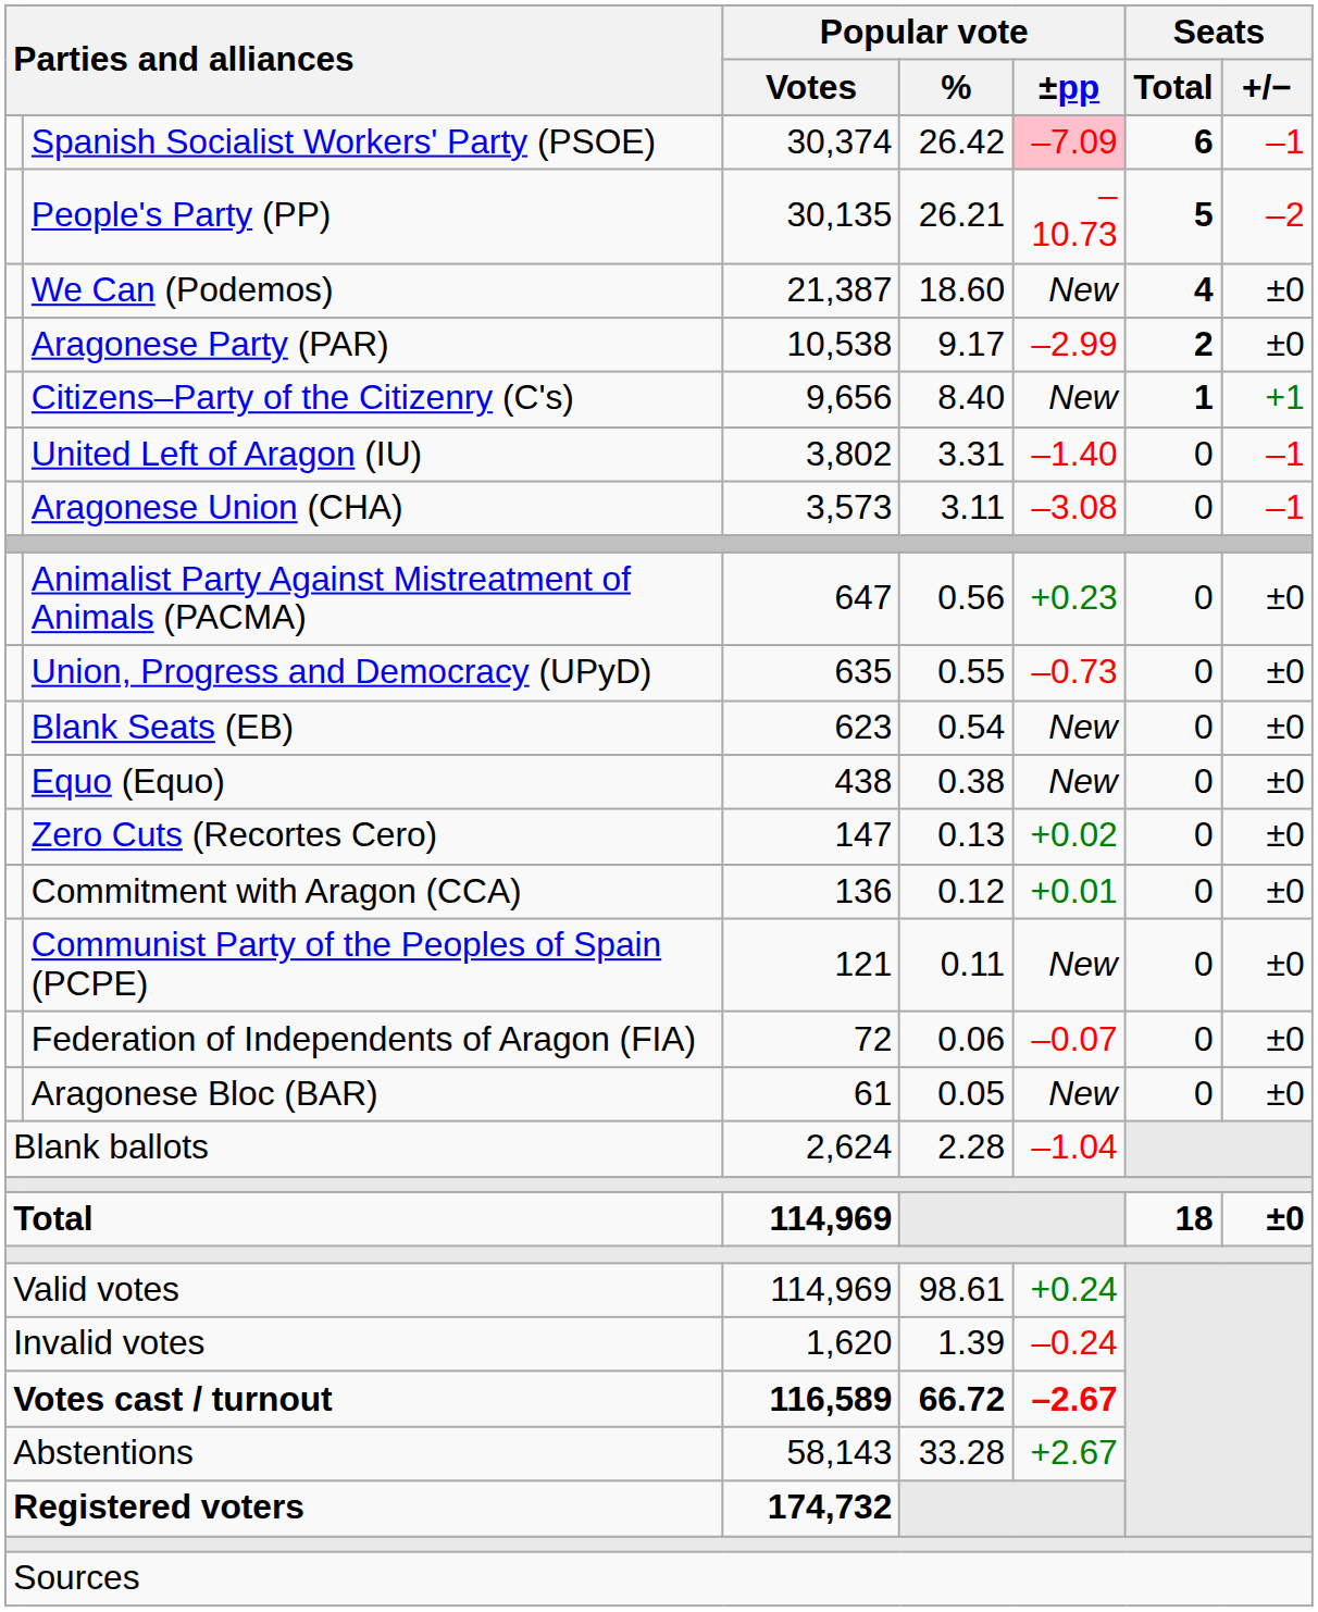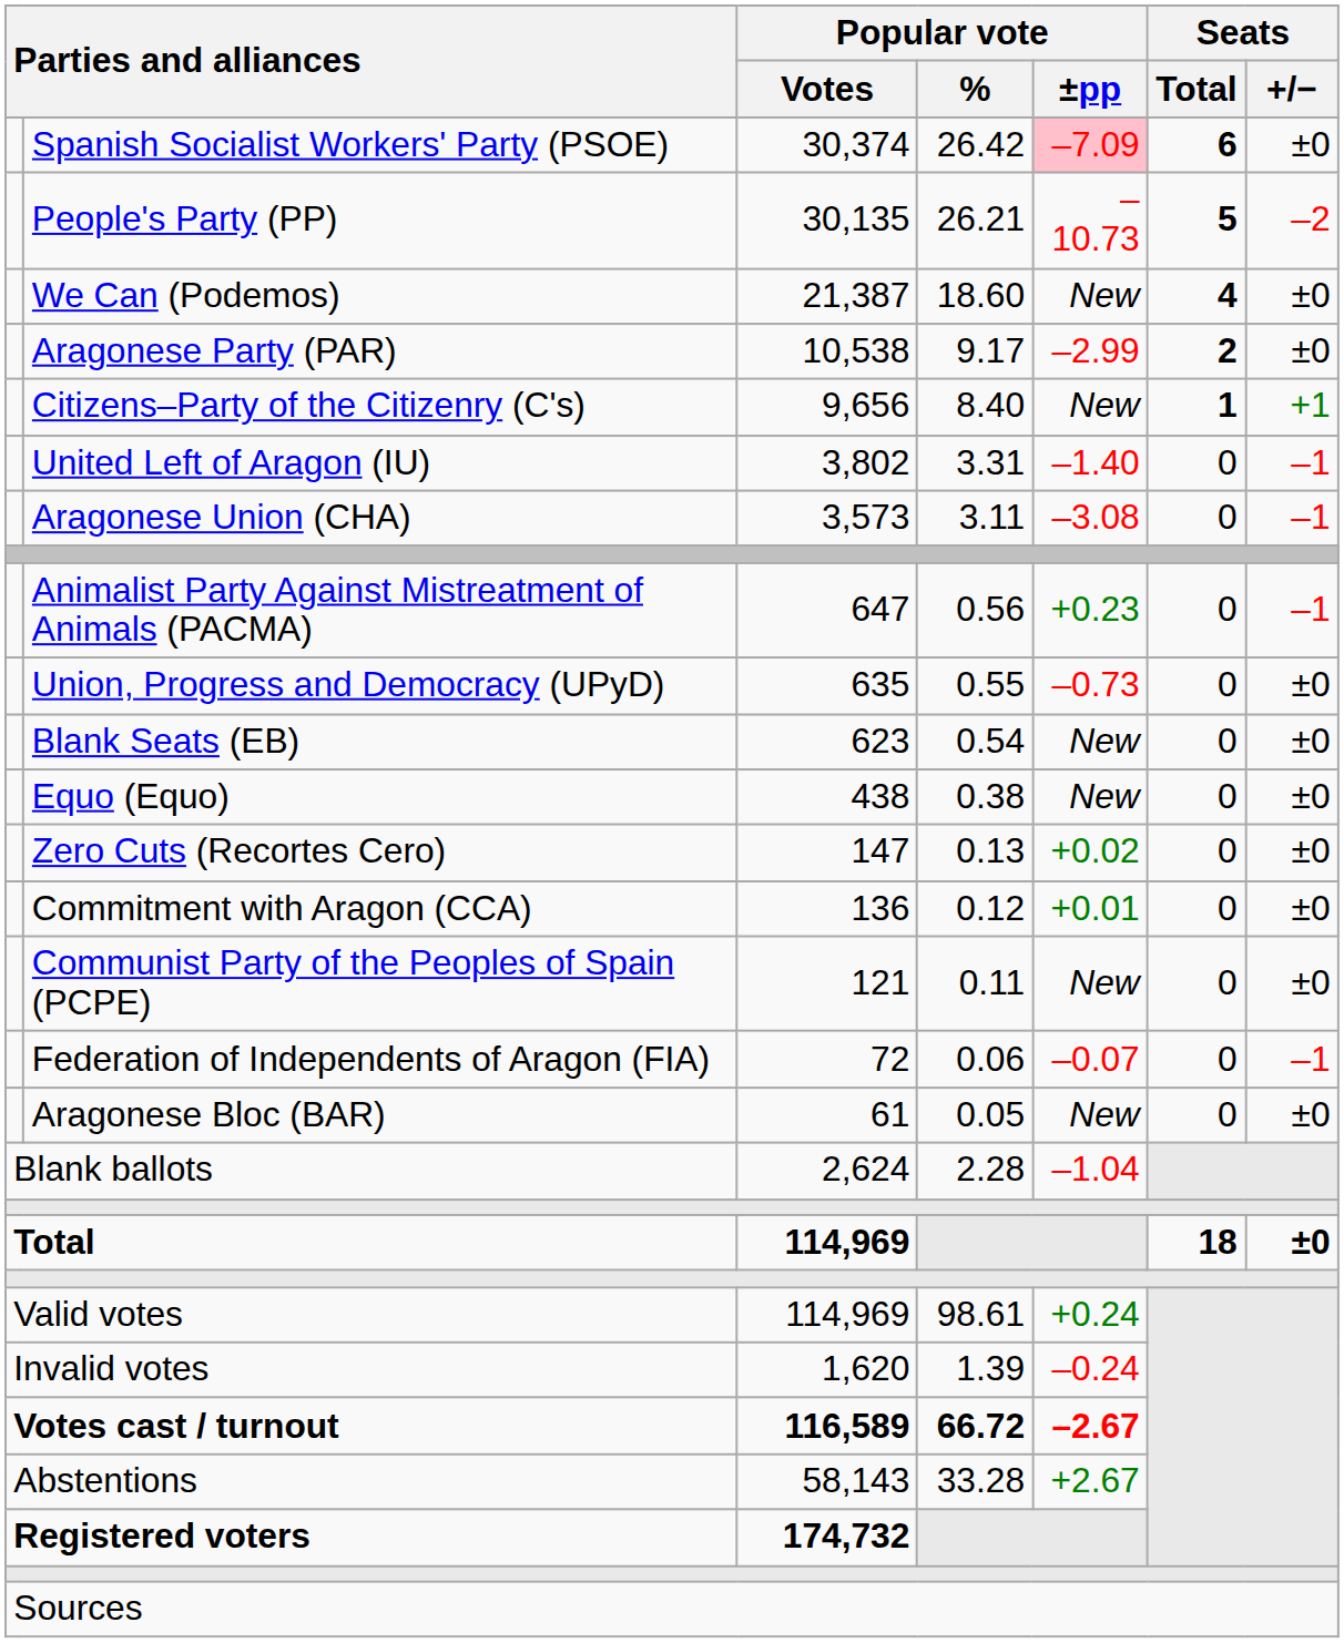 <table class="wikitable" style="text-align:right;">
 <tr>
 <th style="text-align:left;" rowspan="2" colspan="2" width="525">Parties and alliances</th>
 <th colspan="3">Popular vote</th>
 <th colspan="2">Seats</th>
 </tr>
 <tr>
 <th width="75">Votes</th>
 <th width="45">%</th>
 <th width="45">±<a href='#'>pp</a></th>
 <th width="35">Total</th>
 <th width="35">+/−</th>
 </tr>
 <tr>
 <td width="1" style="color:inherit;background:"></td>
 <td align="left"><a href='#'>Spanish Socialist Workers' Party</a> (PSOE)</td>
 <td>30,374</td>
 <td>26.42</td>
 <td style="background: pink; color:red;">–7.09</td>
 <td><strong>6</strong></td>
-<td style="color:red;">–1</td>
+<td>±0</td>
 </tr>
 <tr>
 <td style="color:inherit;background:"></td>
 <td align="left"><a href='#'>People's Party</a> (PP)</td>
 <td>30,135</td>
 <td>26.21</td>
 <td style="color:red;">–10.73</td>
 <td><strong>5</strong></td>
 <td style="color:red;">–2</td>
 </tr>
 <tr>
 <td style="color:inherit;background:"></td>
 <td align="left"><a href='#'>We Can</a> (Podemos)</td>
 <td>21,387</td>
 <td>18.60</td>
 <td><em>New</em></td>
 <td><strong>4</strong></td>
 <td>±0</td>
 </tr>
 <tr>
 <td style="color:inherit;background:"></td>
 <td align="left"><a href='#'>Aragonese Party</a> (PAR)</td>
 <td>10,538</td>
 <td>9.17</td>
 <td style="color:red;">–2.99</td>
 <td><strong>2</strong></td>
 <td>±0</td>
 </tr>
 <tr>
 <td style="color:inherit;background:"></td>
 <td align="left"><a href='#'>Citizens–Party of the Citizenry</a> (C's)</td>
 <td>9,656</td>
 <td>8.40</td>
 <td><em>New</em></td>
 <td><strong>1</strong></td>
 <td style="color:green;">+1</td>
 </tr>
 <tr>
 <td style="color:inherit;background:"></td>
 <td align="left"><a href='#'>United Left of Aragon</a> (IU)</td>
 <td>3,802</td>
 <td>3.31</td>
 <td style="color:red;">–1.40</td>
 <td>0</td>
 <td style="color:red;">–1</td>
 </tr>
 <tr>
 <td style="color:inherit;background:"></td>
 <td align="left"><a href='#'>Aragonese Union</a> (CHA)</td>
 <td>3,573</td>
 <td>3.11</td>
 <td style="color:red;">–3.08</td>
 <td>0</td>
 <td style="color:red;">–1</td>
 </tr>
 <tr>
 <td colspan="7" bgcolor="#C0C0C0"></td>
 </tr>
 <tr>
 <td style="color:inherit;background:"></td>
 <td align="left"><a href='#'>Animalist Party Against Mistreatment of Animals</a> (PACMA)</td>
 <td>647</td>
 <td>0.56</td>
 <td style="color:green;">+0.23</td>
 <td>0</td>
-<td>±0</td>
+<td style="color:red;">–1</td>
 </tr>
 <tr>
 <td style="color:inherit;background:"></td>
 <td align="left"><a href='#'>Union, Progress and Democracy</a> (UPyD)</td>
 <td>635</td>
 <td>0.55</td>
 <td style="color:red;">–0.73</td>
 <td>0</td>
 <td>±0</td>
 </tr>
 <tr>
 <td style="color:inherit;background:"></td>
 <td align="left"><a href='#'>Blank Seats</a> (EB)</td>
 <td>623</td>
 <td>0.54</td>
 <td><em>New</em></td>
 <td>0</td>
 <td>±0</td>
 </tr>
 <tr>
 <td style="color:inherit;background:"></td>
 <td align="left"><a href='#'>Equo</a> (Equo)</td>
 <td>438</td>
 <td>0.38</td>
 <td><em>New</em></td>
 <td>0</td>
 <td>±0</td>
 </tr>
 <tr>
 <td style="color:inherit;background:"></td>
 <td align="left"><a href='#'>Zero Cuts</a> (Recortes Cero)</td>
 <td>147</td>
 <td>0.13</td>
 <td style="color:green;">+0.02</td>
 <td>0</td>
 <td>±0</td>
 </tr>
 <tr>
 <td style="color:inherit;background:"></td>
 <td align="left">Commitment with Aragon (CCA)</td>
 <td>136</td>
 <td>0.12</td>
 <td style="color:green;">+0.01</td>
 <td>0</td>
 <td>±0</td>
 </tr>
 <tr>
 <td style="color:inherit;background:"></td>
 <td align="left"><a href='#'>Communist Party of the Peoples of Spain</a> (PCPE)</td>
 <td>121</td>
 <td>0.11</td>
 <td><em>New</em></td>
 <td>0</td>
 <td>±0</td>
 </tr>
 <tr>
 <td style="color:inherit;background:"></td>
 <td align="left">Federation of Independents of Aragon (FIA)</td>
 <td>72</td>
 <td>0.06</td>
 <td style="color:red;">–0.07</td>
 <td>0</td>
-<td>±0</td>
+<td style="color:red;">–1</td>
 </tr>
 <tr>
 <td style="color:inherit;background:"></td>
 <td align="left">Aragonese Bloc (BAR)</td>
 <td>61</td>
 <td>0.05</td>
 <td><em>New</em></td>
 <td>0</td>
 <td>±0</td>
 </tr>
 <tr>
 <td align="left" colspan="2">Blank ballots</td>
 <td>2,624</td>
 <td>2.28</td>
 <td style="color:red;">–1.04</td>
 <td bgcolor="#E9E9E9" colspan="2"></td>
 </tr>
 <tr>
 <td colspan="7" bgcolor="#E9E9E9"></td>
 </tr>
 <tr style="font-weight:bold;">
 <td align="left" colspan="2">Total</td>
 <td>114,969</td>
 <td bgcolor="#E9E9E9" colspan="2"></td>
 <td>18</td>
 <td>±0</td>
 </tr>
 <tr>
 <td colspan="7" bgcolor="#E9E9E9"></td>
 </tr>
 <tr>
 <td align="left" colspan="2">Valid votes</td>
 <td>114,969</td>
 <td>98.61</td>
 <td style="color:green;">+0.24</td>
 <td bgcolor="#E9E9E9" colspan="2" rowspan="5"></td>
 </tr>
 <tr>
 <td align="left" colspan="2">Invalid votes</td>
 <td>1,620</td>
 <td>1.39</td>
 <td style="color:red;">–0.24</td>
 </tr>
 <tr style="font-weight:bold;">
 <td align="left" colspan="2">Votes cast / turnout</td>
 <td>116,589</td>
 <td>66.72</td>
 <td style="color:red;">–2.67</td>
 </tr>
 <tr>
 <td align="left" colspan="2">Abstentions</td>
 <td>58,143</td>
 <td>33.28</td>
 <td style="color:green;">+2.67</td>
 </tr>
 <tr style="font-weight:bold;">
 <td align="left" colspan="2">Registered voters</td>
 <td>174,732</td>
 <td bgcolor="#E9E9E9" colspan="2"></td>
 </tr>
 <tr>
 <td colspan="7" bgcolor="#E9E9E9"></td>
 </tr>
 <tr>
 <td align="left" colspan="7">Sources</td>
 </tr>
 </table>
